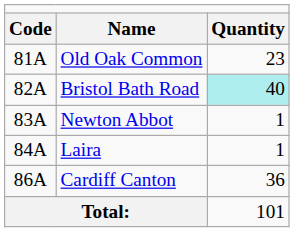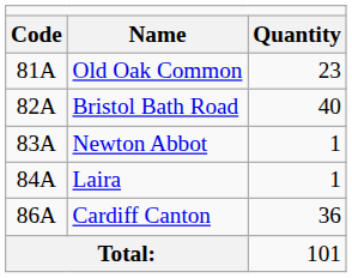 <table class="wikitable floatright">
 <tr>
 <td colspan=3></td>
 </tr>
 <tr>
 <th>Code</th>
 <th>Name</th>
 <th>Quantity</th>
 </tr>
 <tr>
 <td style="text-align:center">81A</td>
 <td><a href='#'>Old Oak Common</a></td>
 <td style="text-align:right">23</td>
 </tr>
 <tr>
 <td style="text-align:center">82A</td>
 <td><a href='#'>Bristol Bath Road</a></td>
-<td style="background: paleturquoise; text-align:right">40</td>
+<td style="text-align:right">40</td>
 </tr>
 <tr>
 <td style="text-align:center">83A</td>
 <td><a href='#'>Newton Abbot</a></td>
 <td style="text-align:right">1</td>
 </tr>
 <tr>
 <td style="text-align:center">84A</td>
 <td><a href='#'>Laira</a></td>
 <td style="text-align:right">1</td>
 </tr>
 <tr>
 <td style="text-align:center">86A</td>
 <td><a href='#'>Cardiff Canton</a></td>
 <td style="text-align:right">36</td>
 </tr>
 <tr>
 <th colspan=2 scope=row>Total:</th>
 <td style="text-align:right">101</td>
 </tr>
 </table>
